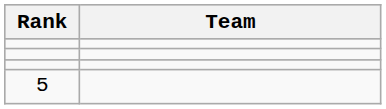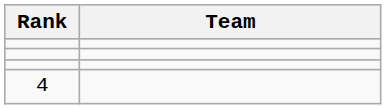 <table class="wikitable" style="text-align: center;">
 <tr>
 <th width=40>Rank</th>
 <th width=180>Team</th>
 </tr>
 <tr align=center>
 <td></td>
 <td style="text-align:left;"></td>
 </tr>
 <tr align=center>
 <td></td>
 <td style="text-align:left;"></td>
 </tr>
 <tr align=center>
 <td></td>
 <td style="text-align:left;"></td>
 </tr>
 <tr align=center>
-<td>5</td>
+<td>4</td>
 <td style="text-align:left;"></td>
 </tr>
 </table>
